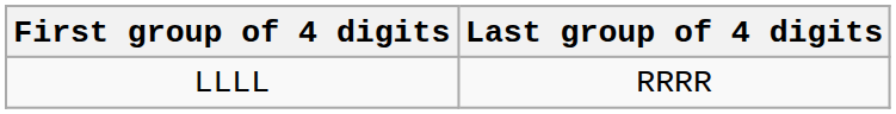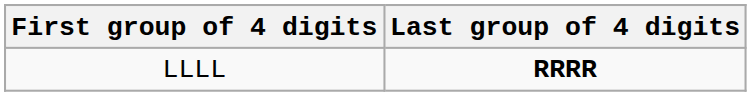 <table class="wikitable" style="text-align:center">
 <tr>
 <th>First group of 4 digits</th>
 <th>Last group of 4 digits</th>
 </tr>
 <tr>
 <td><code>LLLL</code></td>
-<td><code>RRRR</code></td>
+<td><strong><code>RRRR</code></strong></td>
 </tr>
 </table>
